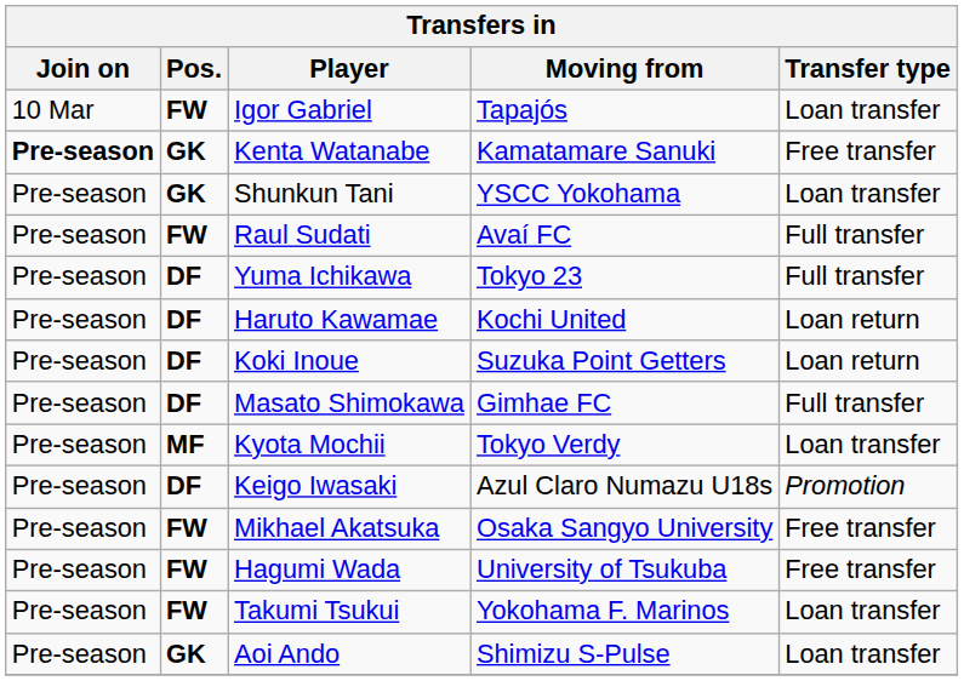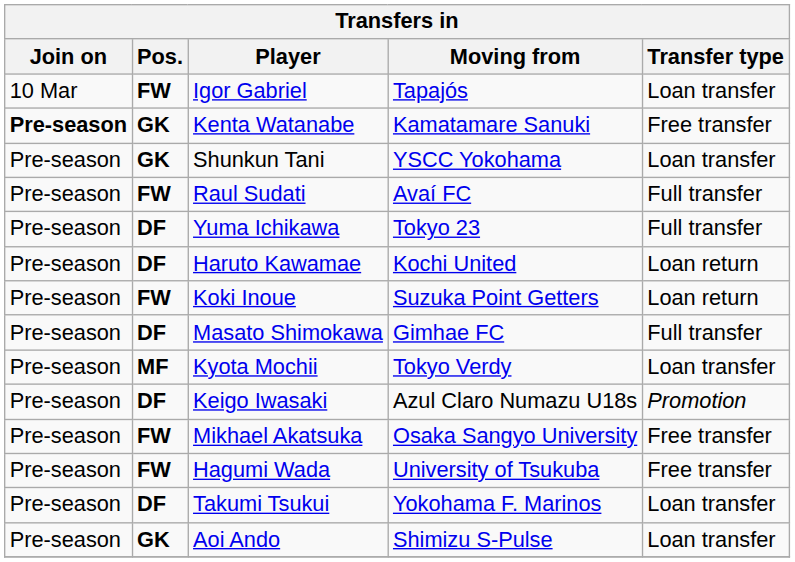 <table class="wikitable sortable" style=“text-align:left;>
 <tr>
 <th colspan="5">Transfers in</th>
 </tr>
 <tr>
 <th>Join on</th>
 <th>Pos.</th>
 <th>Player</th>
 <th>Moving from</th>
 <th>Transfer type</th>
 </tr>
 <tr>
 <td>10 Mar</td>
 <td><strong>FW</strong></td>
 <td> <a href='#'>Igor Gabriel</a></td>
 <td> <a href='#'>Tapajós</a></td>
 <td>Loan transfer</td>
 </tr>
 <tr>
 <td><strong>Pre-season</strong></td>
 <td><strong>GK</strong></td>
 <td> <a href='#'>Kenta Watanabe</a></td>
 <td> <a href='#'>Kamatamare Sanuki</a></td>
 <td>Free transfer</td>
 </tr>
 <tr>
 <td>Pre-season</td>
 <td><strong>GK</strong></td>
 <td> Shunkun Tani</td>
 <td> <a href='#'>YSCC Yokohama</a></td>
 <td>Loan transfer</td>
 </tr>
 <tr>
 <td>Pre-season</td>
 <td><strong>FW</strong></td>
 <td> <a href='#'>Raul Sudati</a></td>
 <td> <a href='#'>Avaí FC</a></td>
 <td>Full transfer</td>
 </tr>
 <tr>
 <td>Pre-season</td>
 <td><strong>DF</strong></td>
 <td> <a href='#'>Yuma Ichikawa</a></td>
 <td> <a href='#'>Tokyo 23</a></td>
 <td>Full transfer</td>
 </tr>
 <tr>
 <td>Pre-season</td>
 <td><strong>DF</strong></td>
 <td> <a href='#'>Haruto Kawamae</a></td>
 <td> <a href='#'>Kochi United</a></td>
 <td>Loan return</td>
 </tr>
 <tr>
 <td>Pre-season</td>
-<td><strong>DF</strong></td>
+<td><strong>FW</strong></td>
 <td> <a href='#'>Koki Inoue</a></td>
 <td> <a href='#'>Suzuka Point Getters</a></td>
 <td>Loan return</td>
 </tr>
 <tr>
 <td>Pre-season</td>
 <td><strong>DF</strong></td>
 <td> <a href='#'>Masato Shimokawa</a></td>
 <td> <a href='#'>Gimhae FC</a></td>
 <td>Full transfer</td>
 </tr>
 <tr>
 <td>Pre-season</td>
 <td><strong>MF</strong></td>
 <td> <a href='#'>Kyota Mochii</a></td>
 <td> <a href='#'>Tokyo Verdy</a></td>
 <td>Loan transfer</td>
 </tr>
 <tr>
 <td>Pre-season</td>
 <td><strong>DF</strong></td>
 <td> <a href='#'>Keigo Iwasaki</a></td>
 <td>Azul Claro Numazu U18s</td>
 <td><em>Promotion</em></td>
 </tr>
 <tr>
 <td>Pre-season</td>
 <td><strong>FW</strong></td>
 <td> <a href='#'>Mikhael Akatsuka</a></td>
 <td> <a href='#'>Osaka Sangyo University</a></td>
 <td>Free transfer</td>
 </tr>
 <tr>
 <td>Pre-season</td>
 <td><strong>FW</strong></td>
 <td> <a href='#'>Hagumi Wada</a></td>
 <td> <a href='#'>University of Tsukuba</a></td>
 <td>Free transfer</td>
 </tr>
 <tr>
 <td>Pre-season</td>
-<td><strong>FW</strong></td>
+<td><strong>DF</strong></td>
 <td> <a href='#'>Takumi Tsukui</a></td>
 <td> <a href='#'>Yokohama F. Marinos</a></td>
 <td>Loan transfer</td>
 </tr>
 <tr>
 <td>Pre-season</td>
 <td><strong>GK</strong></td>
 <td> <a href='#'>Aoi Ando</a></td>
 <td> <a href='#'>Shimizu S-Pulse</a></td>
 <td>Loan transfer</td>
 </tr>
 <tr>
 </tr>
 </table>
